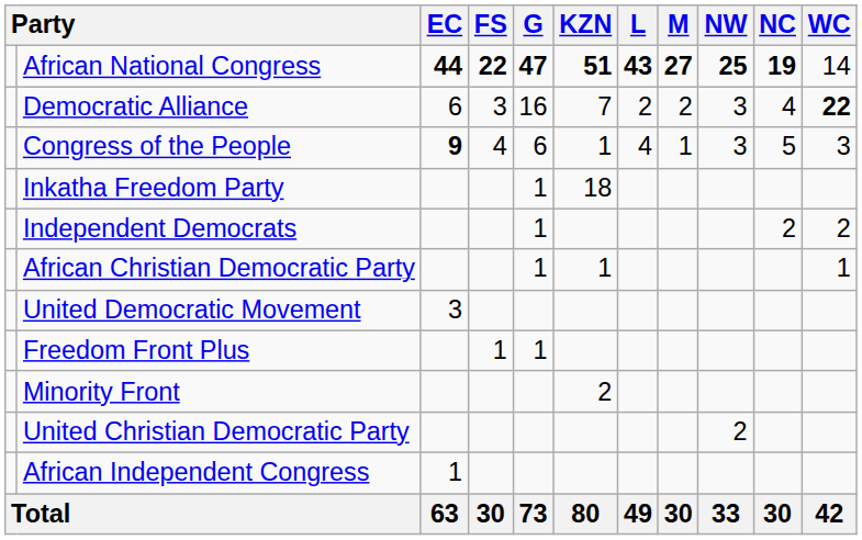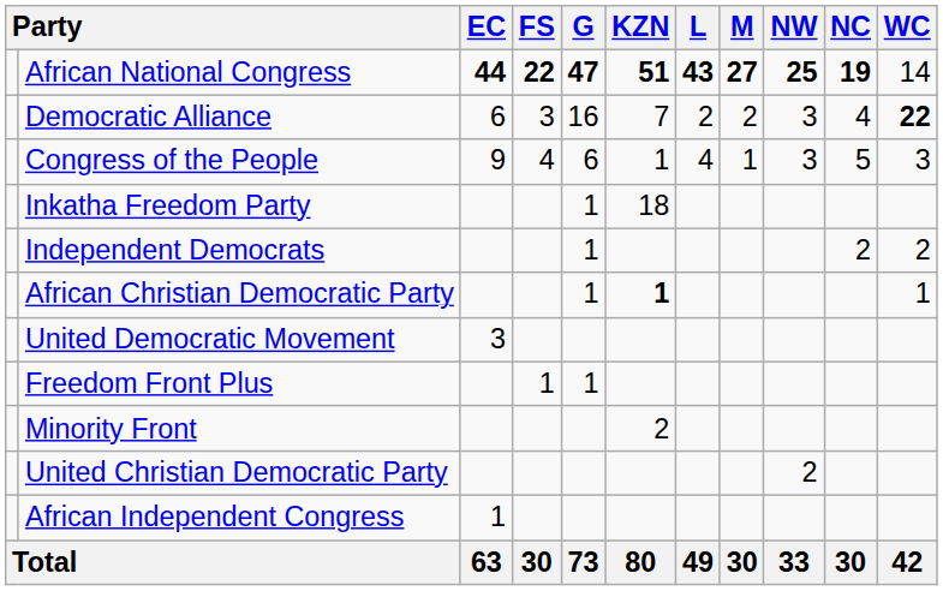 <table class=wikitable style=text-align:right>
 <tr>
 <th colspan=2 style=text-align:left>Party</th>
 <th><a href='#'>EC</a></th>
 <th><a href='#'>FS</a></th>
 <th><a href='#'>G</a></th>
 <th><a href='#'>KZN</a></th>
 <th><a href='#'>L</a></th>
 <th><a href='#'>M</a></th>
 <th><a href='#'>NW</a></th>
 <th><a href='#'>NC</a></th>
 <th><a href='#'>WC</a></th>
 </tr>
 <tr>
 <td bgcolor=></td>
 <td align=left><a href='#'>African National Congress</a></td>
 <td><strong>44</strong></td>
 <td><strong>22</strong></td>
 <td><strong>47</strong></td>
 <td><strong>51</strong></td>
 <td><strong>43</strong></td>
 <td><strong>27</strong></td>
 <td><strong>25</strong></td>
 <td><strong>19</strong></td>
 <td>14</td>
 </tr>
 <tr>
 <td bgcolor=></td>
 <td align=left><a href='#'>Democratic Alliance</a></td>
 <td>6</td>
 <td>3</td>
 <td>16</td>
 <td>7</td>
 <td>2</td>
 <td>2</td>
 <td>3</td>
 <td>4</td>
 <td><strong>22</strong></td>
 </tr>
 <tr>
 <td bgcolor=></td>
 <td align=left><a href='#'>Congress of the People</a></td>
-<td><strong>9</strong></td>
+<td>9</td>
 <td>4</td>
 <td>6</td>
 <td>1</td>
 <td>4</td>
 <td>1</td>
 <td>3</td>
 <td>5</td>
 <td>3</td>
 </tr>
 <tr>
 <td bgcolor=></td>
 <td align=left><a href='#'>Inkatha Freedom Party</a></td>
 <td></td>
 <td></td>
 <td>1</td>
 <td>18</td>
 <td></td>
 <td></td>
 <td></td>
 <td></td>
 <td></td>
 </tr>
 <tr>
 <td bgcolor=></td>
 <td align=left><a href='#'>Independent Democrats</a></td>
 <td></td>
 <td></td>
 <td>1</td>
 <td></td>
 <td></td>
 <td></td>
 <td></td>
 <td>2</td>
 <td>2</td>
 </tr>
 <tr>
 <td bgcolor=></td>
 <td align=left><a href='#'>African Christian Democratic Party</a></td>
 <td></td>
 <td></td>
 <td>1</td>
-<td>1</td>
+<td><strong>1</strong></td>
 <td></td>
 <td></td>
 <td></td>
 <td></td>
 <td>1</td>
 </tr>
 <tr>
 <td bgcolor=></td>
 <td align=left><a href='#'>United Democratic Movement</a></td>
 <td>3</td>
 <td></td>
 <td></td>
 <td></td>
 <td></td>
 <td></td>
 <td></td>
 <td></td>
 <td></td>
 </tr>
 <tr>
 <td bgcolor=></td>
 <td align=left><a href='#'>Freedom Front Plus</a></td>
 <td></td>
 <td>1</td>
 <td>1</td>
 <td></td>
 <td></td>
 <td></td>
 <td></td>
 <td></td>
 <td></td>
 </tr>
 <tr>
 <td bgcolor=></td>
 <td align=left><a href='#'>Minority Front</a></td>
 <td></td>
 <td></td>
 <td></td>
 <td>2</td>
 <td></td>
 <td></td>
 <td></td>
 <td></td>
 <td></td>
 </tr>
 <tr>
 <td bgcolor=></td>
 <td align=left><a href='#'>United Christian Democratic Party</a></td>
 <td></td>
 <td></td>
 <td></td>
 <td></td>
 <td></td>
 <td></td>
 <td>2</td>
 <td></td>
 <td></td>
 </tr>
 <tr>
 <td bgcolor=></td>
 <td align=left><a href='#'>African Independent Congress</a></td>
 <td>1</td>
 <td></td>
 <td></td>
 <td></td>
 <td></td>
 <td></td>
 <td></td>
 <td></td>
 <td></td>
 </tr>
 <tr>
 <th colspan="2" style="text-align:left">Total</th>
 <th>63</th>
 <th>30</th>
 <th>73</th>
 <th>80</th>
 <th>49</th>
 <th>30</th>
 <th>33</th>
 <th>30</th>
 <th>42</th>
 </tr>
 </table>
